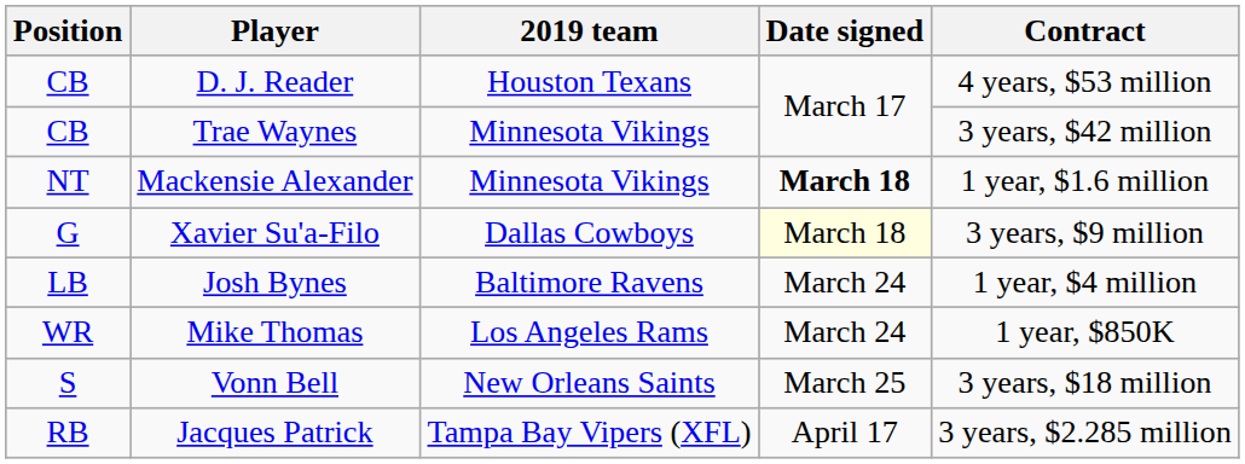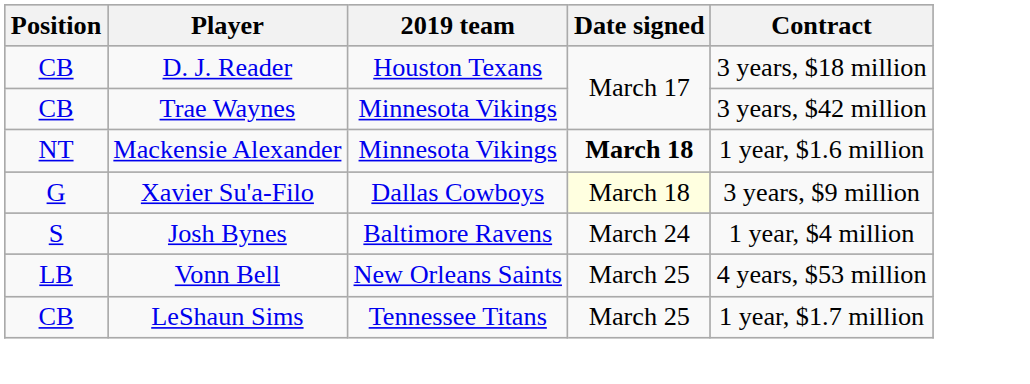 <table class="wikitable" style="text-align:center">
 <tr>
 <th>Position</th>
 <th>Player</th>
 <th>2019 team</th>
 <th>Date signed</th>
 <th>Contract</th>
 </tr>
 <tr>
 <td><a href='#'>CB</a></td>
 <td><a href='#'>D. J. Reader</a></td>
 <td><a href='#'>Houston Texans</a></td>
 <td rowspan="2">March 17</td>
-<td>4 years, $53 million</td>
+<td>3 years, $18 million</td>
 </tr>
 <tr>
 <td><a href='#'>CB</a></td>
 <td><a href='#'>Trae Waynes</a></td>
 <td><a href='#'>Minnesota Vikings</a></td>
 <td>3 years, $42 million</td>
 </tr>
 <tr>
 <td><a href='#'>NT</a></td>
 <td><a href='#'>Mackensie Alexander</a></td>
 <td><a href='#'>Minnesota Vikings</a></td>
 <td><strong>March 18</strong></td>
 <td>1 year, $1.6 million</td>
 </tr>
 <tr>
 <td><a href='#'>G</a></td>
 <td><a href='#'>Xavier Su'a-Filo</a></td>
 <td><a href='#'>Dallas Cowboys</a></td>
 <td style="background: lightyellow;">March 18</td>
 <td>3 years, $9 million</td>
 </tr>
 <tr>
-<td><a href='#'>LB</a></td>
+<td><a href='#'>S</a></td>
 <td><a href='#'>Josh Bynes</a></td>
 <td><a href='#'>Baltimore Ravens</a></td>
 <td>March 24</td>
 <td>1 year, $4 million</td>
 </tr>
 <tr>
-<td><a href='#'>WR</a></td>
-<td><a href='#'>Mike Thomas</a></td>
-<td><a href='#'>Los Angeles Rams</a></td>
-<td>March 24</td>
-<td>1 year, $850K</td>
-</tr>
-<tr>
-<td><a href='#'>S</a></td>
+<td><a href='#'>LB</a></td>
 <td><a href='#'>Vonn Bell</a></td>
 <td><a href='#'>New Orleans Saints</a></td>
 <td>March 25</td>
-<td>3 years, $18 million</td>
+<td>4 years, $53 million</td>
 </tr>
 <tr>
-<td><a href='#'>RB</a></td>
-<td><a href='#'>Jacques Patrick</a></td>
-<td><a href='#'>Tampa Bay Vipers</a> (<a href='#'>XFL</a>)</td>
-<td>April 17</td>
-<td>3 years, $2.285 million</td>
+<td><a href='#'>CB</a></td>
+<td><a href='#'>LeShaun Sims</a></td>
+<td><a href='#'>Tennessee Titans</a></td>
+<td>March 25</td>
+<td>1 year, $1.7 million</td>
 </tr>
 </table>
